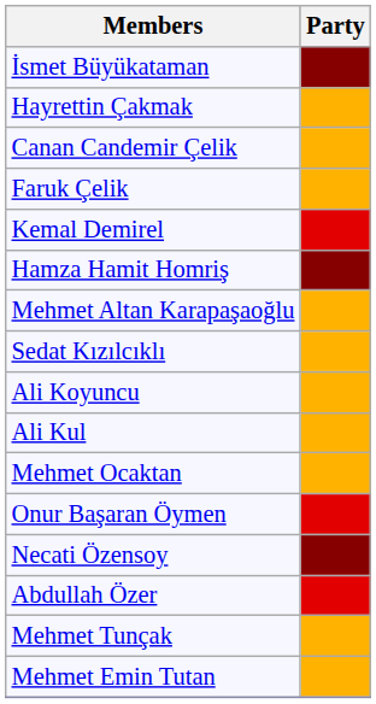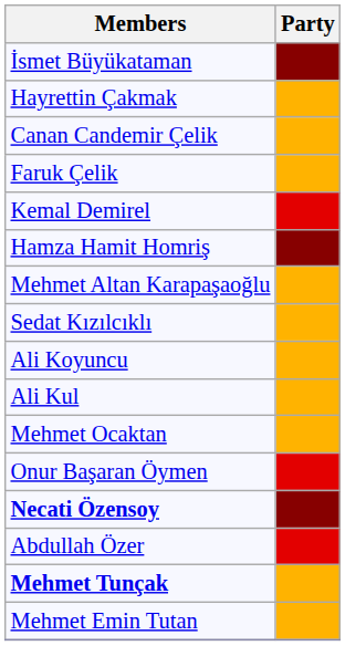 <table class=wikitable style="border:1px solid #8888aa; background-color:#f7f8ff; padding:0px; font-size:90%;">
 <tr>
 <th>Members</th>
 <th colspan="2">Party</th>
 </tr>
 <tr>
 <td><a href='#'>İsmet Büyükataman</a></td>
 <td style="background: #870000"></td>
 </tr>
 <tr>
 <td><a href='#'>Hayrettin Çakmak</a></td>
 <td style="background: #ffb300"></td>
 </tr>
 <tr>
 <td><a href='#'>Canan Candemir Çelik</a></td>
 <td style="background: #ffb300"></td>
 </tr>
 <tr>
 <td><a href='#'>Faruk Çelik</a></td>
 <td style="background: #ffb300"></td>
 </tr>
 <tr>
 <td><a href='#'>Kemal Demirel</a></td>
 <td style="background: #e30000"></td>
 </tr>
 <tr>
 <td><a href='#'>Hamza Hamit Homriş</a></td>
 <td style="background: #870000"></td>
 </tr>
 <tr>
 <td><a href='#'>Mehmet Altan Karapaşaoğlu</a></td>
 <td style="background: #ffb300"></td>
 </tr>
 <tr>
 <td><a href='#'>Sedat Kızılcıklı</a></td>
 <td style="background: #ffb300"></td>
 </tr>
 <tr>
 <td><a href='#'>Ali Koyuncu</a></td>
 <td style="background: #ffb300"></td>
 </tr>
 <tr>
 <td><a href='#'>Ali Kul</a></td>
 <td style="background: #ffb300"></td>
 </tr>
 <tr>
 <td><a href='#'>Mehmet Ocaktan</a></td>
 <td style="background: #ffb300"></td>
 </tr>
 <tr>
 <td><a href='#'>Onur Başaran Öymen</a></td>
 <td style="background: #e30000"></td>
 </tr>
 <tr>
-<td><a href='#'>Necati Özensoy</a></td>
+<td><strong><a href='#'>Necati Özensoy</a></strong></td>
 <td style="background: #870000"></td>
 </tr>
 <tr>
 <td><a href='#'>Abdullah Özer</a></td>
 <td style="background: #e30000"></td>
 </tr>
 <tr>
-<td><a href='#'>Mehmet Tunçak</a></td>
+<td><strong><a href='#'>Mehmet Tunçak</a></strong></td>
 <td style="background: #ffb300"></td>
 </tr>
 <tr>
 <td><a href='#'>Mehmet Emin Tutan</a></td>
 <td style="background: #ffb300"></td>
 </tr>
 <tr>
 </tr>
 </table>
